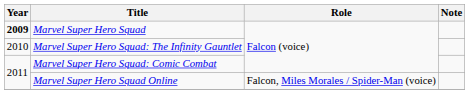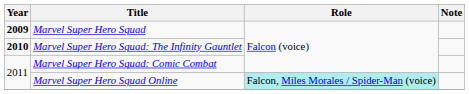 <table class="wikitable sortable">
 <tr>
 <th>Year</th>
 <th>Title</th>
 <th>Role</th>
 <th class="unsortable">Note</th>
 </tr>
 <tr>
 <td><strong>2009</strong></td>
 <td><em><a href='#'>Marvel Super Hero Squad</a></em></td>
 <td rowspan=3><a href='#'>Falcon</a> (voice)</td>
 <td></td>
 </tr>
 <tr>
-<td>2010</td>
+<td><strong>2010</strong></td>
 <td><em><a href='#'>Marvel Super Hero Squad: The Infinity Gauntlet</a></em></td>
 <td></td>
 </tr>
 <tr>
 <td rowspan=2>2011</td>
 <td><em><a href='#'>Marvel Super Hero Squad: Comic Combat</a></em></td>
 <td></td>
 </tr>
 <tr>
 <td><em><a href='#'>Marvel Super Hero Squad Online</a></em></td>
-<td>Falcon, <a href='#'>Miles Morales / Spider-Man</a> (voice)</td>
+<td style="background: paleturquoise;">Falcon, <a href='#'>Miles Morales / Spider-Man</a> (voice)</td>
 <td></td>
 </tr>
 <tr>
 </tr>
 </table>
